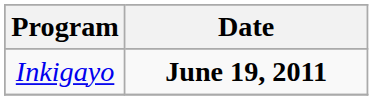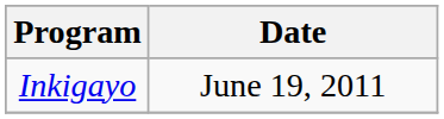 <table class="wikitable" style="text-align:center">
 <tr>
 <th>Program</th>
 <th width="130">Date</th>
 </tr>
 <tr>
 <td><em><a href='#'>Inkigayo</a></em></td>
-<td><strong>June 19, 2011</strong></td>
+<td>June 19, 2011</td>
 </tr>
 <tr>
 </tr>
 </table>
